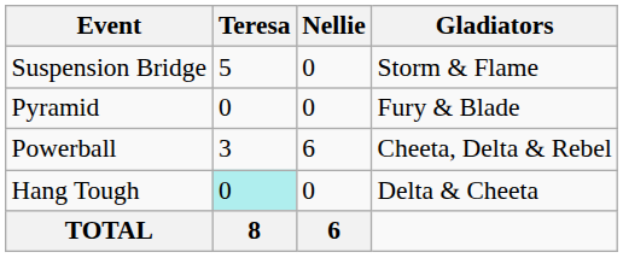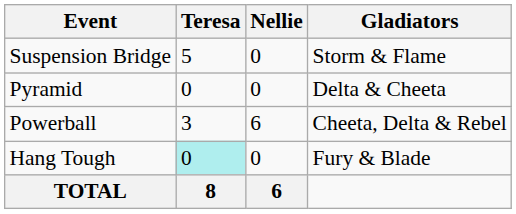 <table class="wikitable">
 <tr>
 <th>Event</th>
 <th>Teresa</th>
 <th>Nellie</th>
 <th>Gladiators</th>
 </tr>
 <tr>
 <td>Suspension Bridge</td>
 <td>5</td>
 <td>0</td>
 <td>Storm & Flame</td>
 </tr>
 <tr>
 <td>Pyramid</td>
 <td>0</td>
 <td>0</td>
-<td>Fury & Blade</td>
+<td>Delta & Cheeta</td>
 </tr>
 <tr>
 <td>Powerball</td>
 <td>3</td>
 <td>6</td>
 <td>Cheeta, Delta & Rebel</td>
 </tr>
 <tr>
 <td>Hang Tough</td>
 <td style="background: paleturquoise;">0</td>
 <td>0</td>
-<td>Delta & Cheeta</td>
+<td>Fury & Blade</td>
 </tr>
 <tr>
 <th>TOTAL</th>
 <th>8</th>
 <th>6</th>
 </tr>
 </table>
